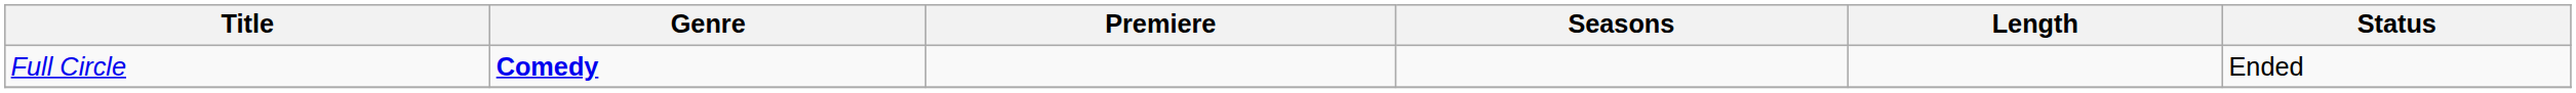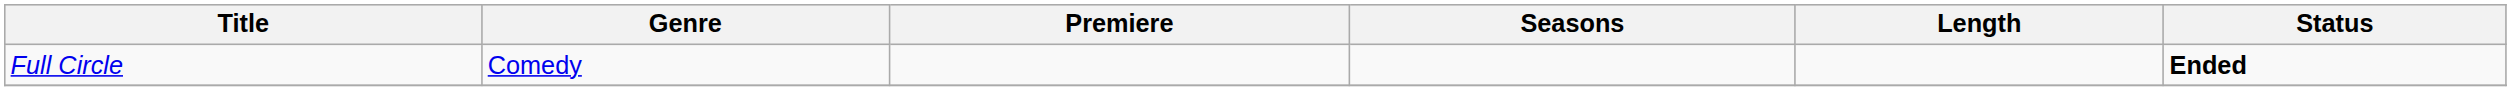 <table class="wikitable sortable" style="width:100%;">
 <tr>
 <th>Title</th>
 <th>Genre</th>
 <th>Premiere</th>
 <th>Seasons</th>
 <th>Length</th>
 <th>Status</th>
 </tr>
 <tr>
 <td><em><a href='#'>Full Circle</a></em></td>
-<td><strong><a href='#'>Comedy</a></strong></td>
+<td><a href='#'>Comedy</a></td>
 <td></td>
 <td></td>
 <td></td>
-<td>Ended</td>
+<td><strong>Ended</strong></td>
 </tr>
 <tr>
 </tr>
 </table>
